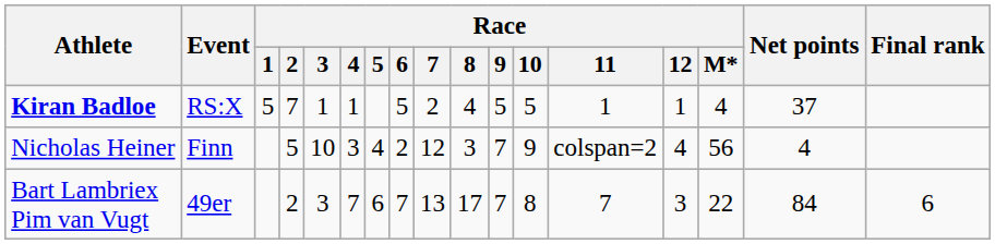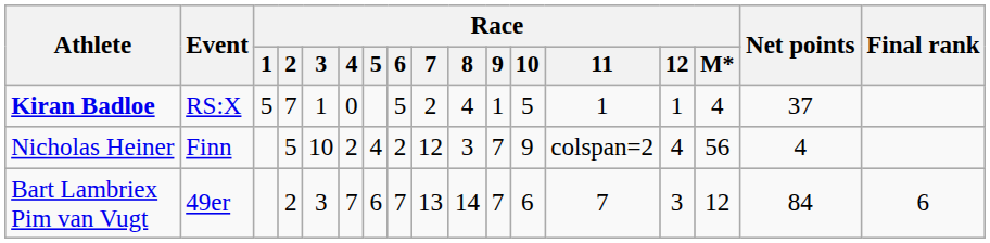 <table class="wikitable" style="font-size:90%">
 <tr>
 <th rowspan="2">Athlete</th>
 <th rowspan="2">Event</th>
 <th colspan=13>Race</th>
 <th rowspan=2>Net points</th>
 <th rowspan=2>Final rank</th>
 </tr>
 <tr style="font-size:95%">
 <th>1</th>
 <th>2</th>
 <th>3</th>
 <th>4</th>
 <th>5</th>
 <th>6</th>
 <th>7</th>
 <th>8</th>
 <th>9</th>
 <th>10</th>
 <th>11</th>
 <th>12</th>
 <th>M*</th>
 </tr>
 <tr align=center>
 <td align=left><strong><a href='#'>Kiran Badloe</a></strong></td>
 <td align=left><a href='#'>RS:X</a></td>
 <td>5</td>
 <td>7</td>
 <td>1</td>
-<td>1</td>
+<td>0</td>
 <td></td>
 <td>5</td>
 <td>2</td>
 <td>4</td>
-<td>5</td>
+<td>1</td>
 <td>5</td>
 <td>1</td>
 <td>1</td>
 <td>4</td>
 <td>37</td>
 <td></td>
 </tr>
 <tr align=center>
 <td align=left><a href='#'>Nicholas Heiner</a></td>
 <td align=left><a href='#'>Finn</a></td>
 <td></td>
 <td>5</td>
 <td>10</td>
-<td>3</td>
+<td>2</td>
 <td>4</td>
 <td>2</td>
 <td>12</td>
 <td>3</td>
 <td>7</td>
 <td>9</td>
 <td>colspan=2 </td>
 <td>4</td>
 <td>56</td>
 <td>4</td>
 </tr>
 <tr align=center>
 <td align=left><a href='#'>Bart Lambriex</a><br><a href='#'>Pim van Vugt</a></td>
 <td align=left><a href='#'>49er</a></td>
 <td></td>
 <td>2</td>
 <td>3</td>
 <td>7</td>
 <td>6</td>
 <td>7</td>
 <td>13</td>
-<td>17</td>
+<td>14</td>
 <td>7</td>
-<td>8</td>
+<td>6</td>
 <td>7</td>
 <td>3</td>
-<td>22</td>
+<td>12</td>
 <td>84</td>
 <td>6</td>
 </tr>
 </table>
